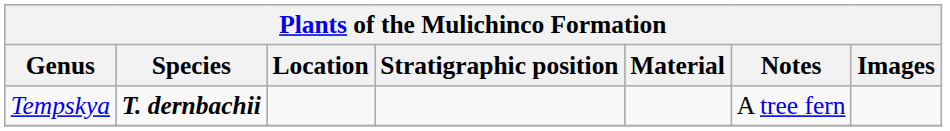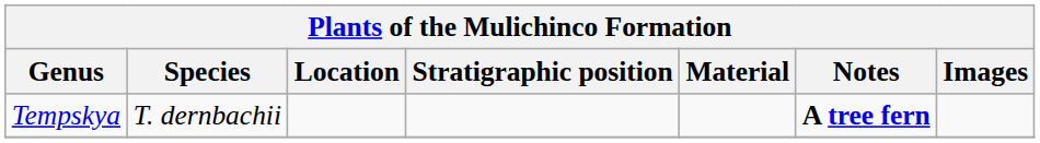 <table class="wikitable" align="center">
 <tr>
 <th colspan="7" align="center"><a href='#'>Plants</a> of the Mulichinco Formation</th>
 </tr>
 <tr>
 <th>Genus</th>
 <th>Species</th>
 <th>Location</th>
 <th>Stratigraphic position</th>
 <th>Material</th>
 <th>Notes</th>
 <th>Images</th>
 </tr>
 <tr>
 <td><em><a href='#'>Tempskya</a></em></td>
-<td><strong><em>T. dernbachii</em></strong></td>
+<td><em>T. dernbachii</em></td>
 <td></td>
 <td></td>
 <td></td>
-<td>A <a href='#'>tree fern</a></td>
+<td><strong>A <a href='#'>tree fern</a></strong></td>
 <td></td>
 </tr>
 <tr>
 </tr>
 </table>
